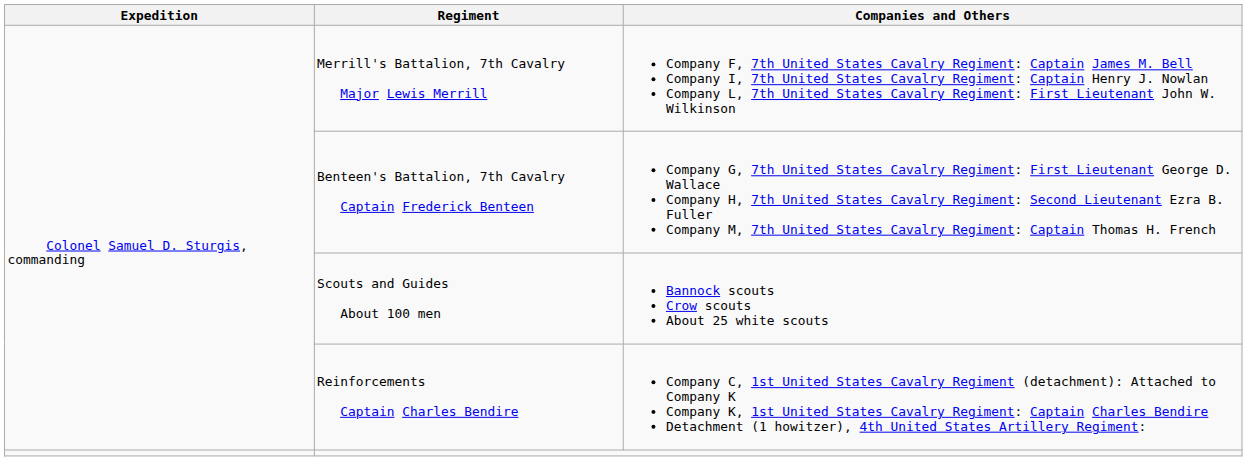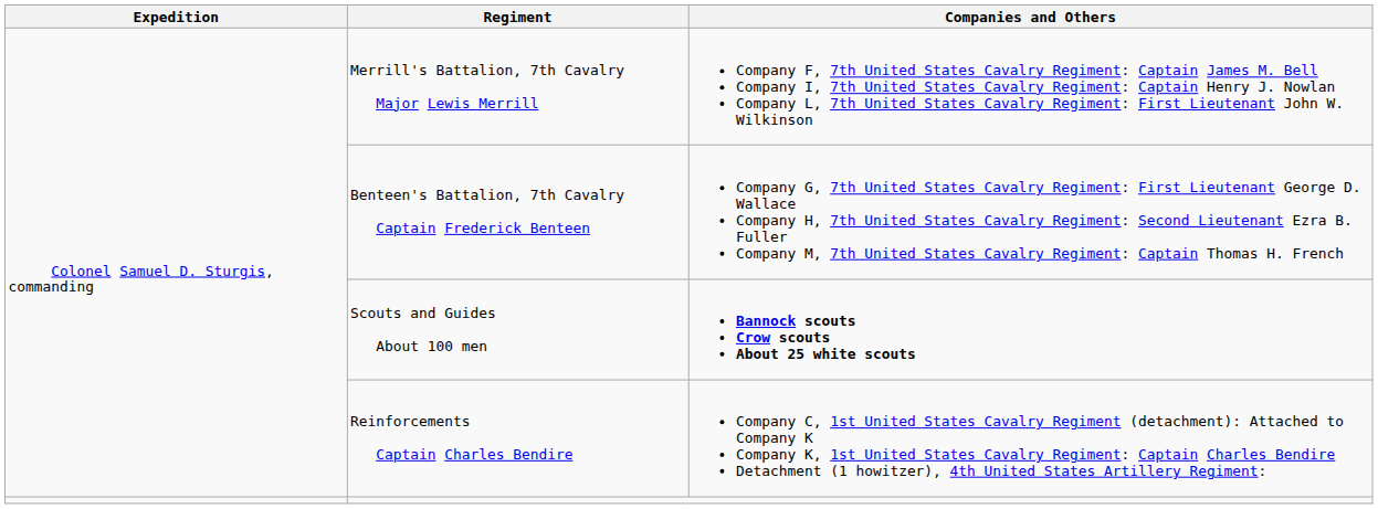 <table class="wikitable">
 <tr>
 <th width=25%>Expedition</th>
 <th width=25%>Regiment</th>
 <th>Companies and Others</th>
 </tr>
 <tr>
 <td rowspan=4><br><br>     <a href='#'>Colonel</a> <a href='#'>Samuel D. Sturgis</a>, commanding</td>
 <td>Merrill's Battalion, 7th Cavalry<br><br>   <a href='#'>Major</a> <a href='#'>Lewis Merrill</a></td>
 <td><br><ul><li>Company F, <a href='#'>7th United States Cavalry Regiment</a>: <a href='#'>Captain</a> <a href='#'>James M. Bell</a></li><li>Company I, <a href='#'>7th United States Cavalry Regiment</a>: <a href='#'>Captain</a> Henry J. Nowlan</li><li>Company L, <a href='#'>7th United States Cavalry Regiment</a>: <a href='#'>First Lieutenant</a> John W. Wilkinson</li></ul></td>
 </tr>
 <tr>
 <td>Benteen's Battalion, 7th Cavalry<br><br>   <a href='#'>Captain</a> <a href='#'>Frederick Benteen</a></td>
 <td><br><ul><li>Company G, <a href='#'>7th United States Cavalry Regiment</a>: <a href='#'>First Lieutenant</a> George D. Wallace</li><li>Company H, <a href='#'>7th United States Cavalry Regiment</a>: <a href='#'>Second Lieutenant</a> Ezra B. Fuller</li><li>Company M, <a href='#'>7th United States Cavalry Regiment</a>: <a href='#'>Captain</a> Thomas H. French</li></ul></td>
 </tr>
 <tr>
 <td>Scouts and Guides<br><br>   About 100 men</td>
-<td><br><ul><li><a href='#'>Bannock</a> scouts</li><li><a href='#'>Crow</a> scouts</li><li>About 25 white scouts</li></ul></td>
+<td><strong><br><ul><li><a href='#'>Bannock</a> scouts</li><li><a href='#'>Crow</a> scouts</li><li>About 25 white scouts</li></ul></strong></td>
 </tr>
 <tr>
 <td>Reinforcements<br><br>   <a href='#'>Captain</a> <a href='#'>Charles Bendire</a></td>
 <td><br><ul><li>Company C, <a href='#'>1st United States Cavalry Regiment</a> (detachment): Attached to Company K</li><li>Company K, <a href='#'>1st United States Cavalry Regiment</a>: <a href='#'>Captain</a> <a href='#'>Charles Bendire</a></li><li>Detachment (1 howitzer), <a href='#'>4th United States Artillery Regiment</a>:</li></ul></td>
 </tr>
 <tr>
 <td></td>
 </tr>
 </table>
